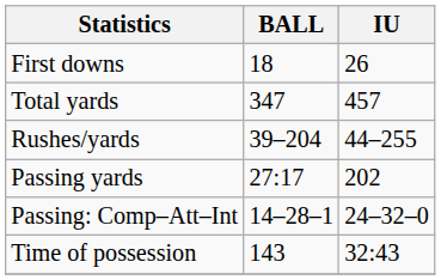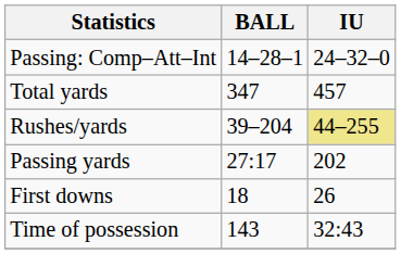 <table class="wikitable" style="float: left;">
 <tr>
 <th>Statistics</th>
 <th>BALL</th>
 <th>IU</th>
 </tr>
 <tr>
-<td>First downs</td>
-<td>18</td>
-<td>26</td>
+<td>Passing: Comp–Att–Int</td>
+<td>14–28–1</td>
+<td>24–32–0</td>
 </tr>
 <tr>
 <td>Total yards</td>
 <td>347</td>
 <td>457</td>
 </tr>
 <tr>
 <td>Rushes/yards</td>
 <td>39–204</td>
-<td>44–255</td>
+<td style="background: khaki;">44–255</td>
 </tr>
 <tr>
 <td>Passing yards</td>
 <td>27:17</td>
 <td>202</td>
 </tr>
 <tr>
-<td>Passing: Comp–Att–Int</td>
-<td>14–28–1</td>
-<td>24–32–0</td>
+<td>First downs</td>
+<td>18</td>
+<td>26</td>
 </tr>
 <tr>
 <td>Time of possession</td>
 <td>143</td>
 <td>32:43</td>
 </tr>
 <tr>
 </tr>
 </table>
